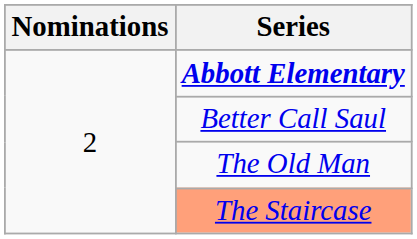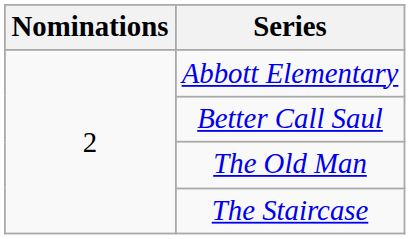 <table class="wikitable plainrowheaders" style="text-align:center;">
 <tr>
 <th scope="col" style="width:55px;">Nominations</th>
 <th scope="col" style="text-align:center;">Series</th>
 </tr>
 <tr>
 <td scope="row" rowspan="4" style="text-align:center;">2</td>
-<td><strong><em><a href='#'>Abbott Elementary</a></em></strong></td>
+<td><em><a href='#'>Abbott Elementary</a></em></td>
 </tr>
 <tr>
 <td><em><a href='#'>Better Call Saul</a></em></td>
 </tr>
 <tr>
 <td><em><a href='#'>The Old Man</a></em></td>
 </tr>
 <tr>
-<td style="background: lightsalmon;"><em><a href='#'>The Staircase</a></em></td>
+<td><em><a href='#'>The Staircase</a></em></td>
 </tr>
 </table>
